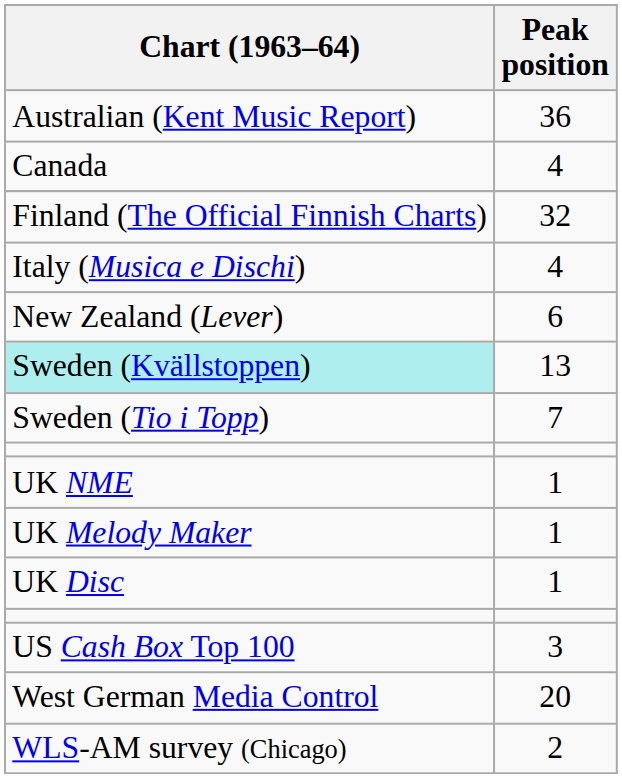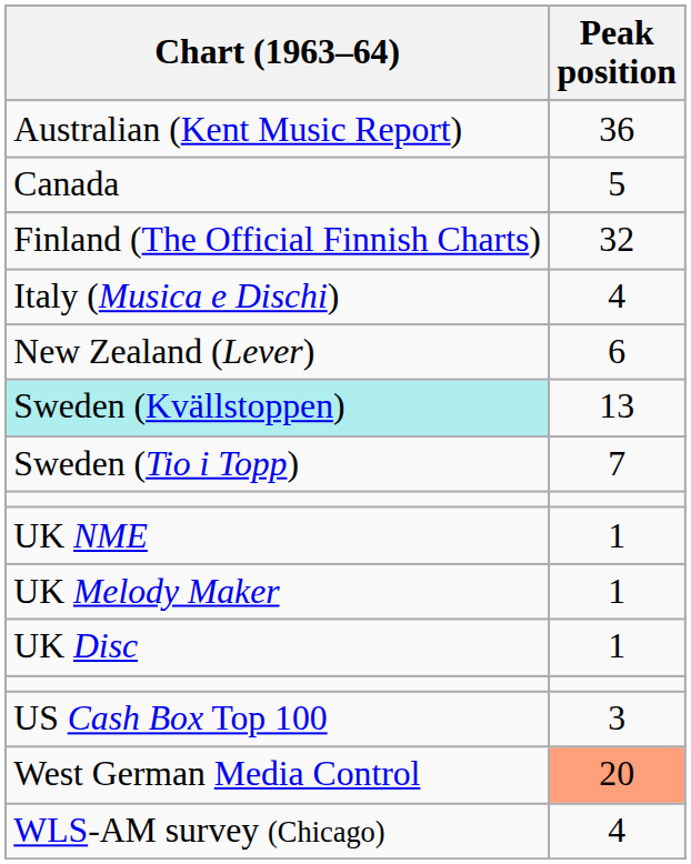 <table class="wikitable sortable">
 <tr>
 <th>Chart (1963–64)</th>
 <th>Peak<br>position</th>
 </tr>
 <tr>
 <td>Australian (<a href='#'>Kent Music Report</a>)</td>
 <td style="text-align:center;">36</td>
 </tr>
 <tr>
 <td>Canada</td>
-<td style="text-align:center;">4</td>
+<td style="text-align:center;">5</td>
 </tr>
 <tr>
 </tr>
 <tr>
 <td>Finland (<a href='#'>The Official Finnish Charts</a>)</td>
 <td style="text-align:center;">32</td>
 </tr>
 <tr>
 <td>Italy (<em><a href='#'>Musica e Dischi</a></em>)</td>
 <td align=center>4</td>
 </tr>
 <tr>
 <td>New Zealand (<em>Lever</em>)</td>
 <td style="text-align:center;">6</td>
 </tr>
 <tr>
 <td style="background: paleturquoise;">Sweden (<a href='#'>Kvällstoppen</a>)</td>
 <td style="text-align:center;">13</td>
 </tr>
 <tr>
 <td>Sweden (<em><a href='#'>Tio i Topp</a></em>)</td>
 <td style="text-align:center;">7</td>
 </tr>
 <tr>
 <td></td>
 </tr>
 <tr>
 <td>UK <em><a href='#'>NME</a></em></td>
 <td style="text-align:center;">1</td>
 </tr>
 <tr>
 <td>UK <em><a href='#'>Melody Maker</a></em></td>
 <td style="text-align:center;">1</td>
 </tr>
 <tr>
 <td>UK <em><a href='#'>Disc</a></em></td>
 <td style="text-align:center;">1</td>
 </tr>
 <tr>
 <td></td>
 </tr>
 <tr>
 <td>US <a href='#'><em>Cash Box</em> Top 100</a></td>
 <td style="text-align:center;">3</td>
 </tr>
 <tr>
 <td>West German <a href='#'>Media Control</a></td>
-<td style="text-align:center;">20</td>
+<td style="background: lightsalmon; text-align:center;">20</td>
 </tr>
 <tr>
 <td><a href='#'>WLS</a>-AM survey <small>(Chicago)</small></td>
-<td style="text-align:center;">2</td>
+<td style="text-align:center;">4</td>
 </tr>
 </table>
